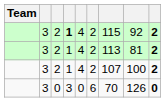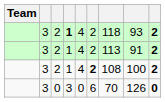 <table class=wikitable style="text-align:center">
 <tr>
 <th>Team</th>
 <th></th>
 <th></th>
 <th></th>
 <th></th>
 <th></th>
 <th></th>
 <th></th>
 <th></th>
 </tr>
 <tr bgcolor=ccffcc>
 <td style="text-align:left"></td>
 <td>3</td>
 <td>2</td>
 <td><strong>1</strong></td>
 <td>4</td>
 <td>2</td>
-<td>115</td>
-<td>92</td>
+<td>118</td>
+<td>93</td>
 <td><strong>2</strong></td>
 </tr>
 <tr bgcolor=ccffcc>
 <td style="text-align:left"></td>
 <td>3</td>
 <td>2</td>
 <td>1</td>
 <td>4</td>
 <td>2</td>
 <td>113</td>
-<td>81</td>
+<td>91</td>
 <td><strong>2</strong></td>
 </tr>
 <tr>
 <td style="text-align:left"></td>
 <td>3</td>
 <td>2</td>
 <td>1</td>
 <td>4</td>
-<td>2</td>
-<td>107</td>
+<td><strong>2</strong></td>
+<td>108</td>
 <td>100</td>
 <td><strong>2</strong></td>
 </tr>
 <tr>
 <td style="text-align:left"></td>
 <td>3</td>
 <td>0</td>
 <td>3</td>
 <td>0</td>
 <td>6</td>
 <td>70</td>
 <td>126</td>
 <td><strong>0</strong></td>
 </tr>
 </table>
